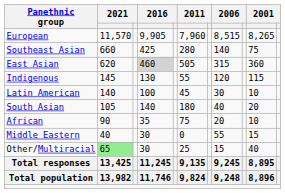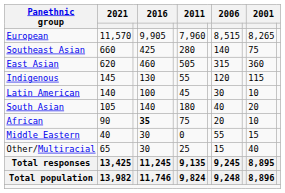 <table class="wikitable collapsible sortable">
 <tr>
 <th rowspan="2"><a href='#'>Panethnic</a><br>group</th>
 <th colspan="2">2021</th>
 <th colspan="2">2016</th>
 <th colspan="2">2011</th>
 <th colspan="2">2006</th>
 <th colspan="2">2001</th>
 </tr>
 <tr>
 <th><a href='#'></a></th>
 <th></th>
 <th></th>
 <th></th>
 <th></th>
 <th></th>
 <th></th>
 <th></th>
 <th></th>
 <th></th>
 </tr>
 <tr>
 <td><a href='#'>European</a></td>
 <td>11,570</td>
 <td></td>
 <td>9,905</td>
 <td></td>
 <td>7,960</td>
 <td></td>
 <td>8,515</td>
 <td></td>
 <td>8,265</td>
 <td></td>
 </tr>
 <tr>
 <td><a href='#'>Southeast Asian</a></td>
 <td>660</td>
 <td></td>
 <td>425</td>
 <td></td>
 <td>280</td>
 <td></td>
 <td>140</td>
 <td></td>
 <td>75</td>
 <td></td>
 </tr>
 <tr>
 <td><a href='#'>East Asian</a></td>
 <td>620</td>
 <td></td>
-<td style="background: lightgrey;">460</td>
+<td>460</td>
 <td></td>
 <td>505</td>
 <td></td>
 <td>315</td>
 <td></td>
 <td>360</td>
 <td></td>
 </tr>
 <tr>
 <td><a href='#'>Indigenous</a></td>
 <td>145</td>
 <td></td>
 <td>130</td>
 <td></td>
 <td>55</td>
 <td></td>
 <td>120</td>
 <td></td>
 <td>115</td>
 <td></td>
 </tr>
 <tr>
 <td><a href='#'>Latin American</a></td>
 <td>140</td>
 <td></td>
 <td>100</td>
 <td></td>
 <td>45</td>
 <td></td>
 <td>30</td>
 <td></td>
 <td>10</td>
 <td></td>
 </tr>
 <tr>
 <td><a href='#'>South Asian</a></td>
 <td>105</td>
 <td></td>
 <td>140</td>
 <td></td>
 <td>180</td>
 <td></td>
 <td>40</td>
 <td></td>
 <td>20</td>
 <td></td>
 </tr>
 <tr>
 <td><a href='#'>African</a></td>
 <td>90</td>
 <td></td>
-<td>35</td>
+<td><strong>35</strong></td>
 <td></td>
 <td>75</td>
 <td></td>
 <td>20</td>
 <td></td>
 <td>10</td>
 <td></td>
 </tr>
 <tr>
 <td><a href='#'>Middle Eastern</a></td>
 <td>40</td>
 <td></td>
 <td>30</td>
 <td></td>
 <td>0</td>
 <td></td>
 <td>55</td>
 <td></td>
 <td>15</td>
 <td></td>
 </tr>
 <tr>
 <td>Other/<a href='#'>Multiracial</a></td>
-<td style="background: lightgreen;">65</td>
+<td>65</td>
 <td></td>
 <td>30</td>
 <td></td>
 <td>25</td>
 <td></td>
 <td>15</td>
 <td></td>
 <td>40</td>
 <td></td>
 </tr>
 <tr>
 <th>Total responses</th>
 <th>13,425</th>
 <th></th>
 <th>11,245</th>
 <th></th>
 <th>9,135</th>
 <th></th>
 <th>9,245</th>
 <th></th>
 <th>8,895</th>
 <th></th>
 </tr>
 <tr>
 <th>Total population</th>
 <th>13,982</th>
 <th></th>
 <th>11,746</th>
 <th></th>
 <th>9,824</th>
 <th></th>
 <th>9,248</th>
 <th></th>
 <th>8,896</th>
 <th></th>
 </tr>
 <tr class="sortbottom">
 <td colspan="15"></td>
 </tr>
 </table>
